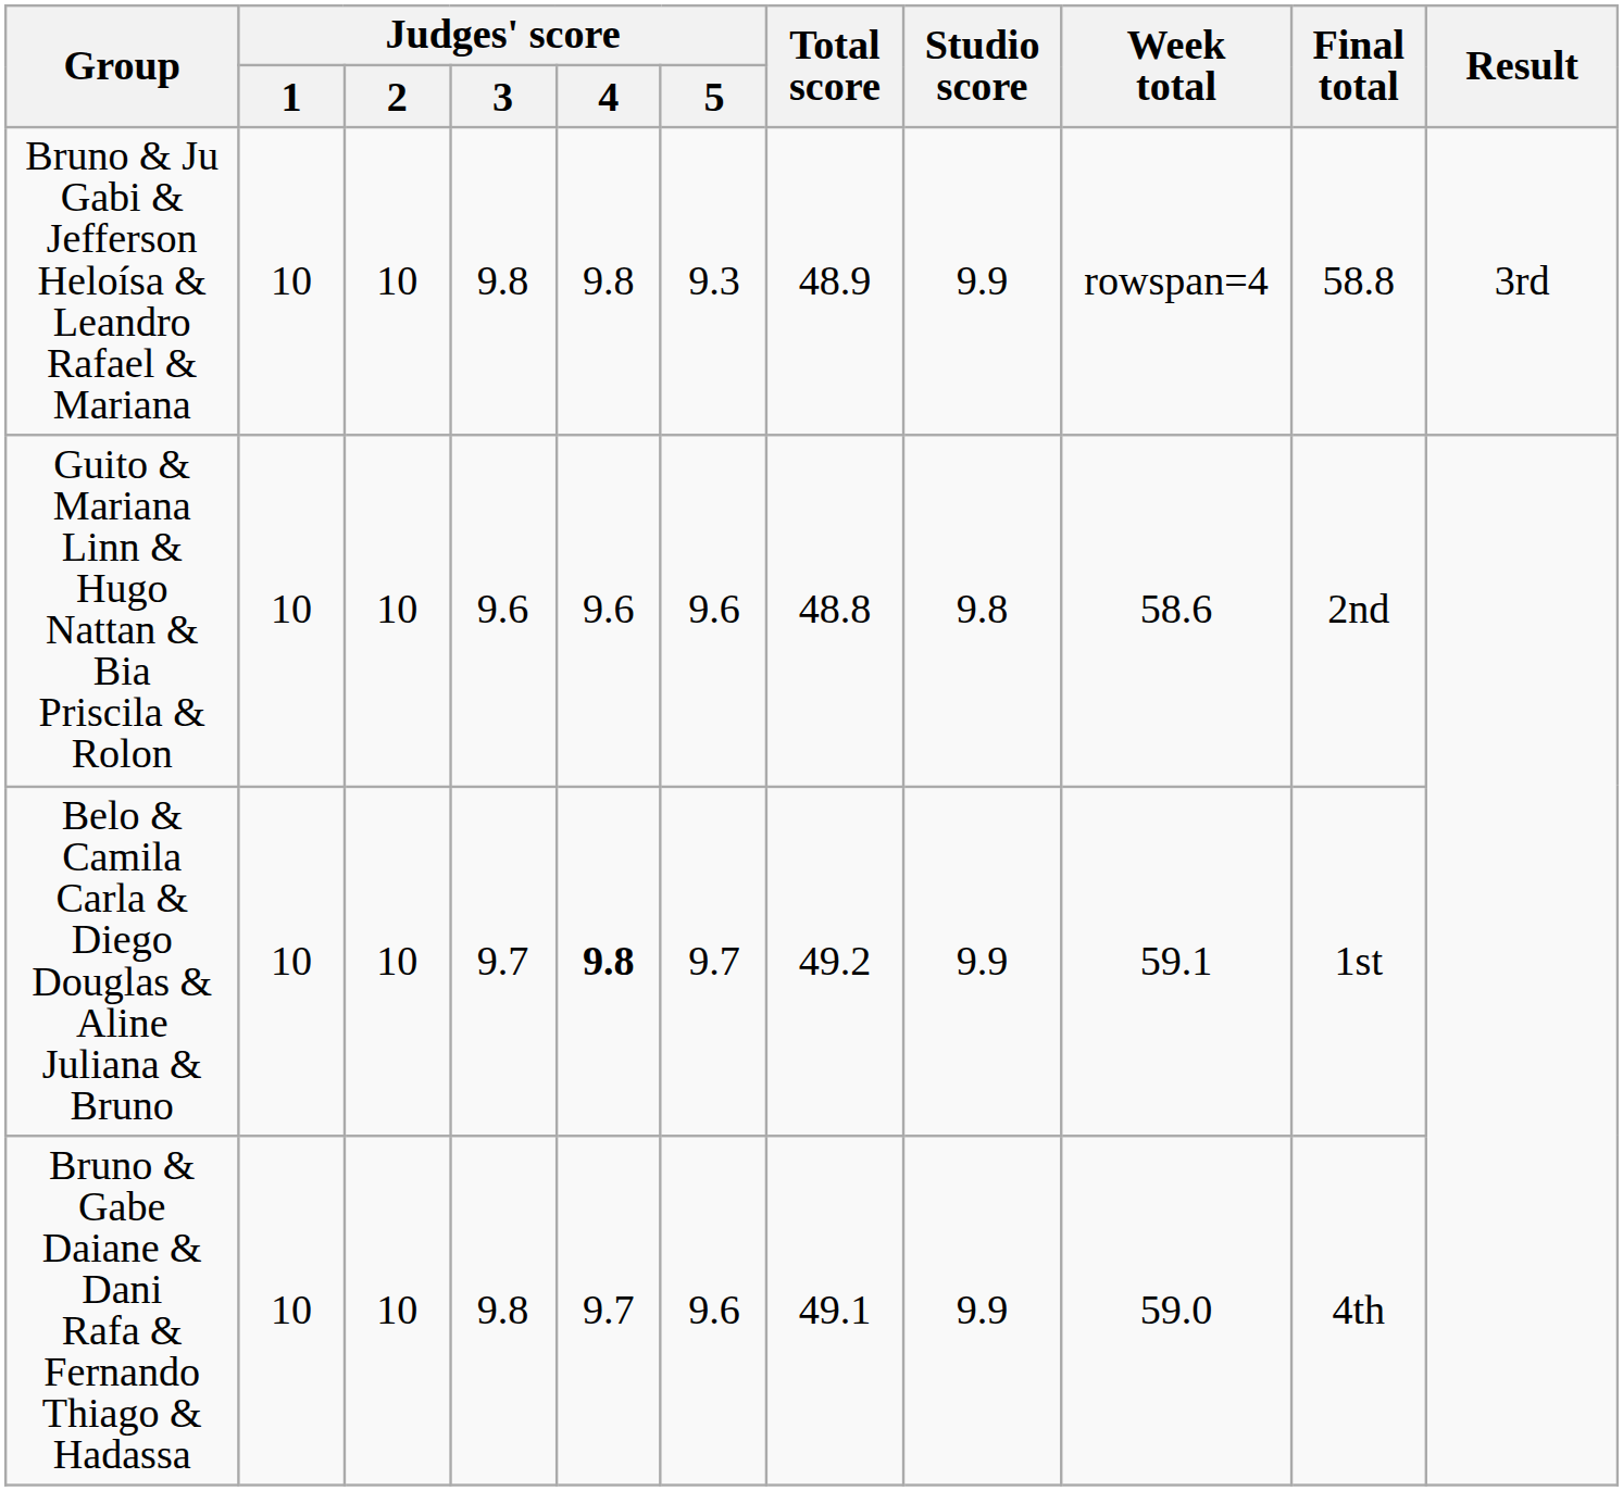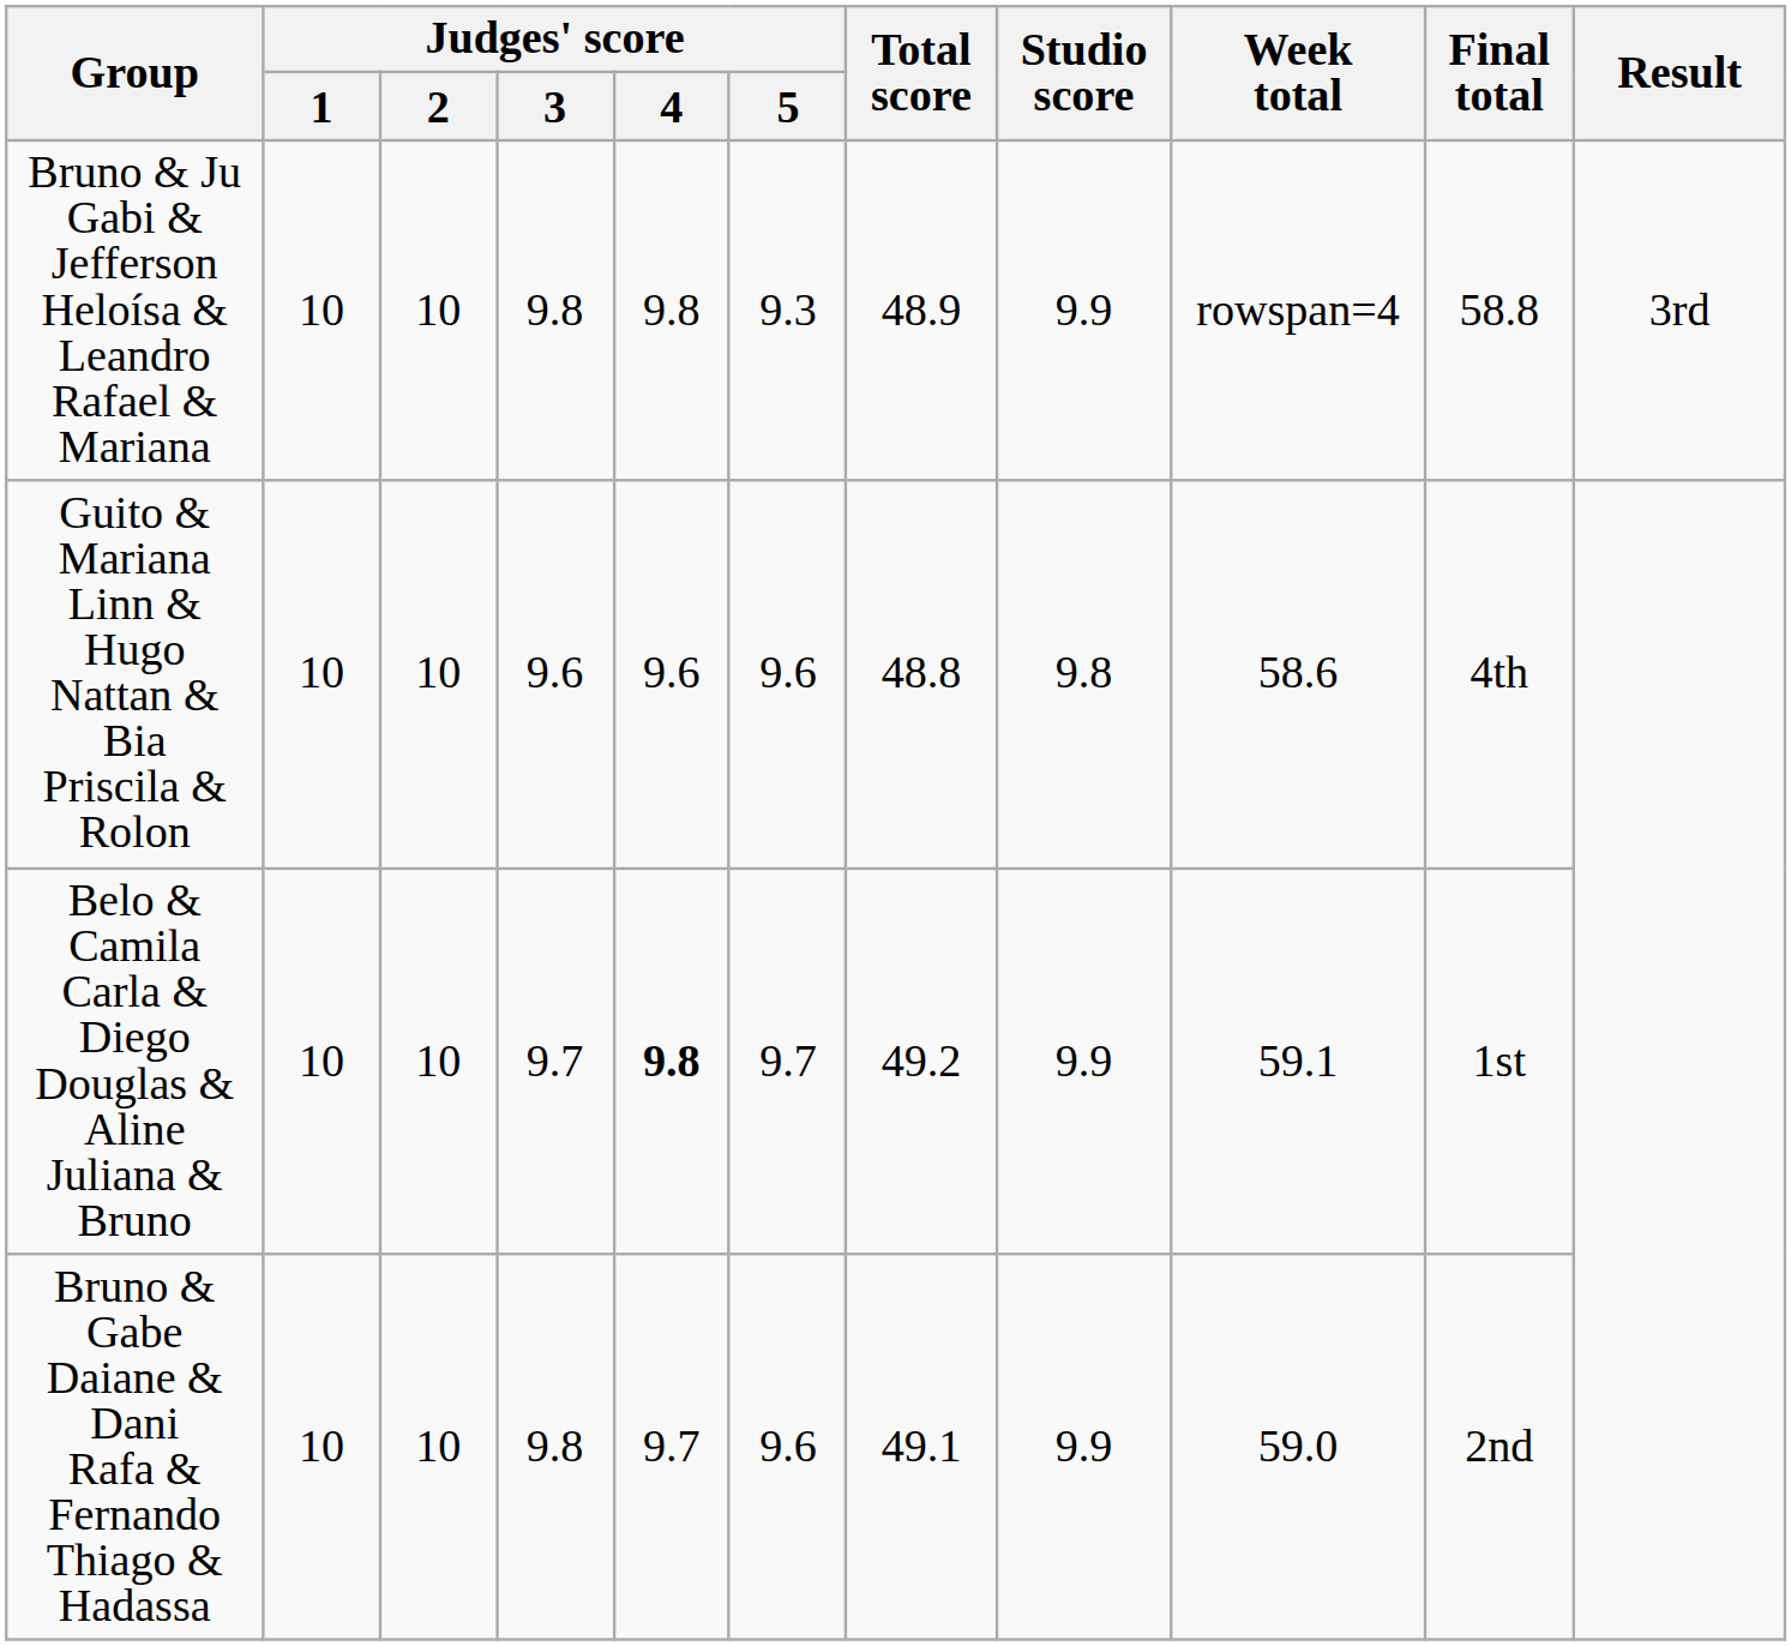 <table class="wikitable" style="font-size:100%; line-height:16px; text-align:center" width="100%">
 <tr>
 <th rowspan=2 width="11.00%">Group</th>
 <th colspan=5 width="25.00%">Judges' score</th>
 <th rowspan=2 width="05.00%">Total<br>score</th>
 <th rowspan=2 width="05.00%">Studio<br>score</th>
 <th rowspan=2 width="05.00%">Week<br>total</th>
 <th rowspan=2 width="05.00%">Final<br>total</th>
 <th rowspan=2 width="09.00%">Result</th>
 </tr>
 <tr>
 <th width="05%">1</th>
 <th width="05%">2</th>
 <th width="05%">3</th>
 <th width="05%">4</th>
 <th width="05%">5</th>
 </tr>
 <tr>
 <td>Bruno & Ju<br>Gabi & Jefferson<br>Heloísa & Leandro<br>Rafael & Mariana</td>
 <td>10</td>
 <td>10</td>
 <td>9.8</td>
 <td>9.8</td>
 <td>9.3</td>
 <td>48.9</td>
 <td>9.9</td>
 <td>rowspan=4 </td>
 <td>58.8</td>
 <td>3rd</td>
 </tr>
 <tr>
 <td>Guito & Mariana<br>Linn & Hugo<br>Nattan & Bia<br>Priscila & Rolon</td>
 <td>10</td>
 <td>10</td>
 <td>9.6</td>
 <td>9.6</td>
 <td>9.6</td>
 <td>48.8</td>
 <td>9.8</td>
 <td>58.6</td>
-<td>2nd</td>
+<td>4th</td>
 </tr>
 <tr>
 <td>Belo & Camila<br>Carla & Diego<br>Douglas & Aline<br>Juliana & Bruno</td>
 <td>10</td>
 <td>10</td>
 <td>9.7</td>
 <td><strong>9.8</strong></td>
 <td>9.7</td>
 <td>49.2</td>
 <td>9.9</td>
 <td>59.1</td>
 <td>1st</td>
 </tr>
 <tr>
 <td>Bruno & Gabe<br>Daiane & Dani<br>Rafa & Fernando<br>Thiago & Hadassa</td>
 <td>10</td>
 <td>10</td>
 <td>9.8</td>
 <td>9.7</td>
 <td>9.6</td>
 <td>49.1</td>
 <td>9.9</td>
 <td>59.0</td>
-<td>4th</td>
+<td>2nd</td>
 </tr>
 </table>
